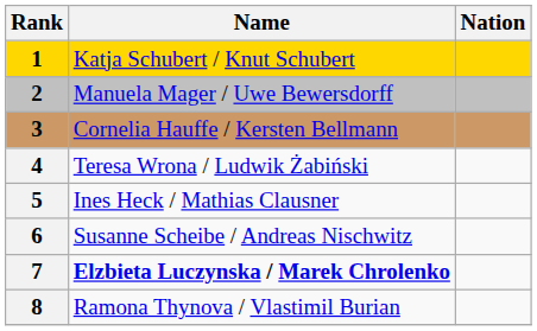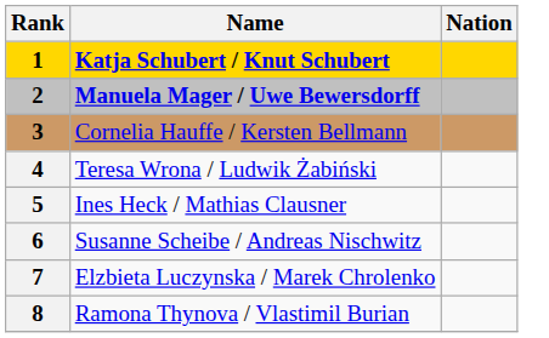 <table class="wikitable">
 <tr>
 <th>Rank</th>
 <th>Name</th>
 <th>Nation</th>
 </tr>
 <tr bgcolor="gold">
 <td align="center"><strong>1</strong></td>
-<td><a href='#'>Katja Schubert</a> / <a href='#'>Knut Schubert</a></td>
+<td><strong><a href='#'>Katja Schubert</a> / <a href='#'>Knut Schubert</a></strong></td>
 <td></td>
 </tr>
 <tr bgcolor="silver">
 <td align="center"><strong>2</strong></td>
-<td><a href='#'>Manuela Mager</a> / <a href='#'>Uwe Bewersdorff</a></td>
+<td><strong><a href='#'>Manuela Mager</a> / <a href='#'>Uwe Bewersdorff</a></strong></td>
 <td></td>
 </tr>
 <tr bgcolor="cc9966">
 <td align="center"><strong>3</strong></td>
 <td><a href='#'>Cornelia Hauffe</a> / <a href='#'>Kersten Bellmann</a></td>
 <td></td>
 </tr>
 <tr>
 <th>4</th>
 <td><a href='#'>Teresa Wrona</a> / <a href='#'>Ludwik Żabiński</a></td>
 <td></td>
 </tr>
 <tr>
 <th>5</th>
 <td><a href='#'>Ines Heck</a> / <a href='#'>Mathias Clausner</a></td>
 <td></td>
 </tr>
 <tr>
 <th>6</th>
 <td><a href='#'>Susanne Scheibe</a> / <a href='#'>Andreas Nischwitz</a></td>
 <td></td>
 </tr>
 <tr>
 <th>7</th>
-<td><strong><a href='#'>Elzbieta Luczynska</a> / <a href='#'>Marek Chrolenko</a></strong></td>
+<td><a href='#'>Elzbieta Luczynska</a> / <a href='#'>Marek Chrolenko</a></td>
 <td></td>
 </tr>
 <tr>
 <th>8</th>
 <td><a href='#'>Ramona Thynova</a> / <a href='#'>Vlastimil Burian</a></td>
 <td></td>
 </tr>
 <tr>
 </tr>
 </table>
